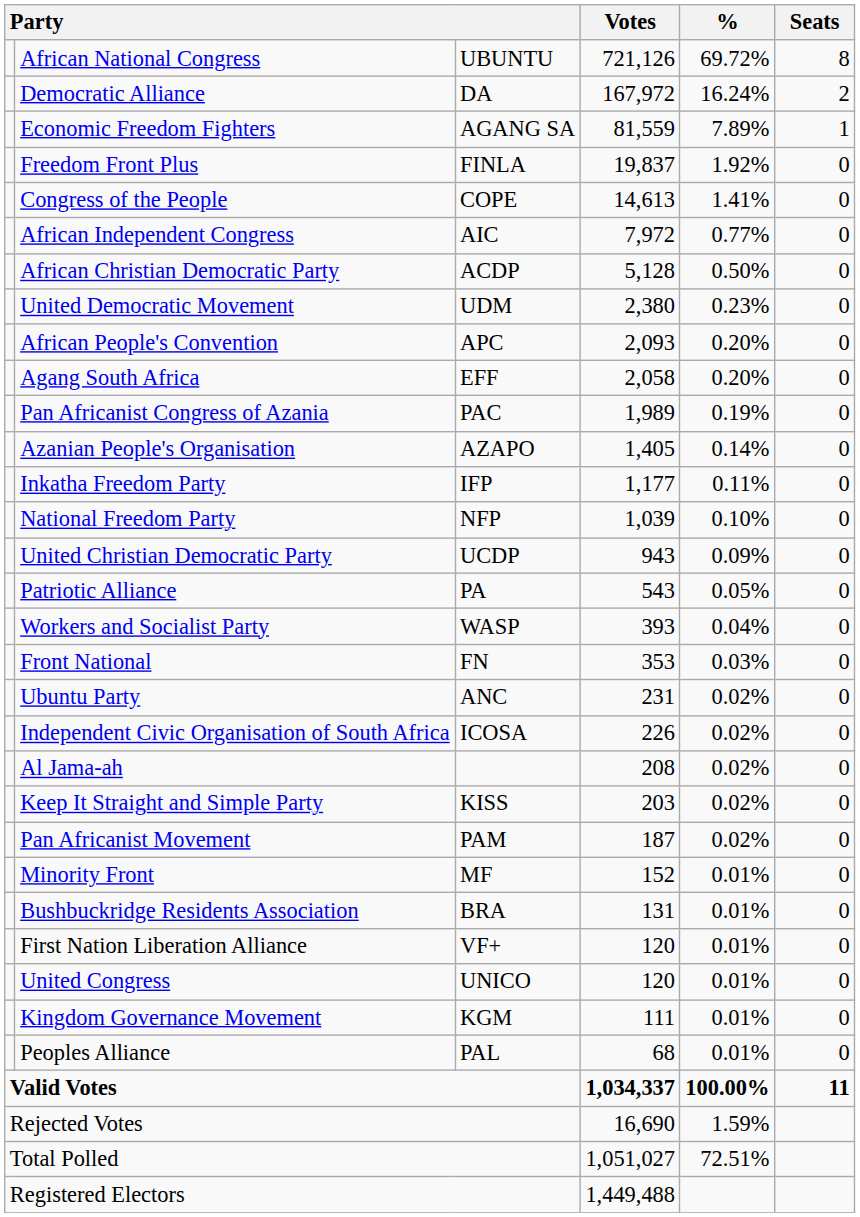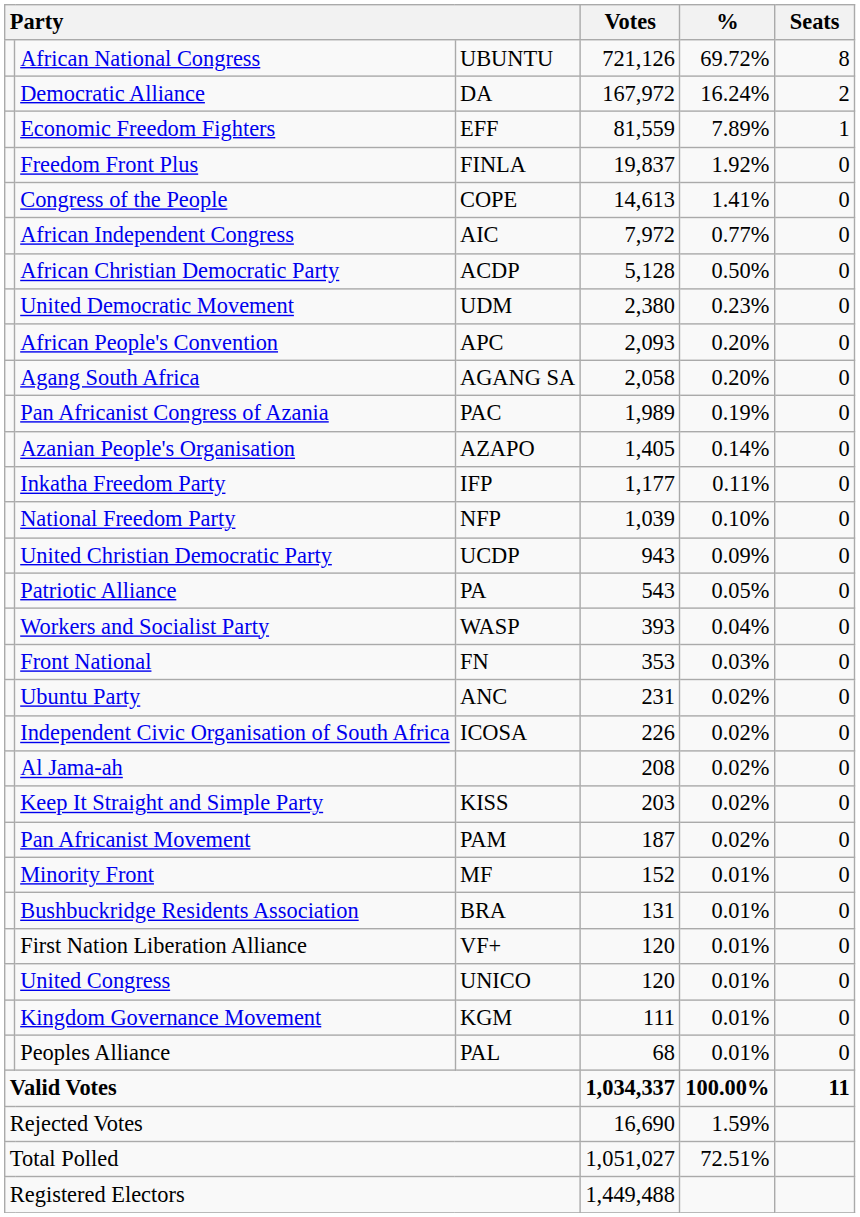 <table class="wikitable" border="1" style="text-align:right;">
 <tr>
 <th style="text-align:left;" colspan=3>Party</th>
 <th align=center width="50">Votes</th>
 <th align=center width="50">%</th>
 <th align=center width="50">Seats</th>
 </tr>
 <tr>
 <td style="background:"></td>
 <td align=left><a href='#'>African National Congress</a></td>
 <td align=left>UBUNTU</td>
 <td>721,126</td>
 <td>69.72%</td>
 <td>8</td>
 </tr>
 <tr>
 <td style="background:"></td>
 <td align=left><a href='#'>Democratic Alliance</a></td>
 <td align=left>DA</td>
 <td>167,972</td>
 <td>16.24%</td>
 <td>2</td>
 </tr>
 <tr>
 <td style="background:"></td>
 <td align=left><a href='#'>Economic Freedom Fighters</a></td>
-<td align=left>AGANG SA</td>
+<td align=left>EFF</td>
 <td>81,559</td>
 <td>7.89%</td>
 <td>1</td>
 </tr>
 <tr>
 <td style="background:"></td>
 <td align=left><a href='#'>Freedom Front Plus</a></td>
 <td align=left>FINLA</td>
 <td>19,837</td>
 <td>1.92%</td>
 <td>0</td>
 </tr>
 <tr>
 <td style="background:"></td>
 <td align=left><a href='#'>Congress of the People</a></td>
 <td align=left>COPE</td>
 <td>14,613</td>
 <td>1.41%</td>
 <td>0</td>
 </tr>
 <tr>
 <td style="background:"></td>
 <td align=left><a href='#'>African Independent Congress</a></td>
 <td align=left>AIC</td>
 <td>7,972</td>
 <td>0.77%</td>
 <td>0</td>
 </tr>
 <tr>
 <td style="background:"></td>
 <td align=left><a href='#'>African Christian Democratic Party</a></td>
 <td align=left>ACDP</td>
 <td>5,128</td>
 <td>0.50%</td>
 <td>0</td>
 </tr>
 <tr>
 <td style="background:"></td>
 <td align=left><a href='#'>United Democratic Movement</a></td>
 <td align=left>UDM</td>
 <td>2,380</td>
 <td>0.23%</td>
 <td>0</td>
 </tr>
 <tr>
 <td style="background:"></td>
 <td align=left><a href='#'>African People's Convention</a></td>
 <td align=left>APC</td>
 <td>2,093</td>
 <td>0.20%</td>
 <td>0</td>
 </tr>
 <tr>
 <td style="background:"></td>
 <td align=left><a href='#'>Agang South Africa</a></td>
-<td align=left>EFF</td>
+<td align=left>AGANG SA</td>
 <td>2,058</td>
 <td>0.20%</td>
 <td>0</td>
 </tr>
 <tr>
 <td style="background:"></td>
 <td align=left><a href='#'>Pan Africanist Congress of Azania</a></td>
 <td align=left>PAC</td>
 <td>1,989</td>
 <td>0.19%</td>
 <td>0</td>
 </tr>
 <tr>
 <td style="background:"></td>
 <td align=left><a href='#'>Azanian People's Organisation</a></td>
 <td align=left>AZAPO</td>
 <td>1,405</td>
 <td>0.14%</td>
 <td>0</td>
 </tr>
 <tr>
 <td style="background:"></td>
 <td align=left><a href='#'>Inkatha Freedom Party</a></td>
 <td align=left>IFP</td>
 <td>1,177</td>
 <td>0.11%</td>
 <td>0</td>
 </tr>
 <tr>
 <td style="background:"></td>
 <td align=left><a href='#'>National Freedom Party</a></td>
 <td align=left>NFP</td>
 <td>1,039</td>
 <td>0.10%</td>
 <td>0</td>
 </tr>
 <tr>
 <td style="background:"></td>
 <td align=left><a href='#'>United Christian Democratic Party</a></td>
 <td align=left>UCDP</td>
 <td>943</td>
 <td>0.09%</td>
 <td>0</td>
 </tr>
 <tr>
 <td style="background:"></td>
 <td align=left><a href='#'>Patriotic Alliance</a></td>
 <td align=left>PA</td>
 <td>543</td>
 <td>0.05%</td>
 <td>0</td>
 </tr>
 <tr>
 <td style="background:"></td>
 <td align=left><a href='#'>Workers and Socialist Party</a></td>
 <td align=left>WASP</td>
 <td>393</td>
 <td>0.04%</td>
 <td>0</td>
 </tr>
 <tr>
 <td style="background:"></td>
 <td align=left><a href='#'>Front National</a></td>
 <td align=left>FN</td>
 <td>353</td>
 <td>0.03%</td>
 <td>0</td>
 </tr>
 <tr>
 <td style="background:"></td>
 <td align=left><a href='#'>Ubuntu Party</a></td>
 <td align=left>ANC</td>
 <td>231</td>
 <td>0.02%</td>
 <td>0</td>
 </tr>
 <tr>
 <td style="background:"></td>
 <td align=left><a href='#'>Independent Civic Organisation of South Africa</a></td>
 <td align=left>ICOSA</td>
 <td>226</td>
 <td>0.02%</td>
 <td>0</td>
 </tr>
 <tr>
 <td style="background:"></td>
 <td align=left><a href='#'>Al Jama-ah</a></td>
 <td align=left></td>
 <td>208</td>
 <td>0.02%</td>
 <td>0</td>
 </tr>
 <tr>
 <td style="background:"></td>
 <td align=left><a href='#'>Keep It Straight and Simple Party</a></td>
 <td align=left>KISS</td>
 <td>203</td>
 <td>0.02%</td>
 <td>0</td>
 </tr>
 <tr>
 <td style="background:"></td>
 <td align=left><a href='#'>Pan Africanist Movement</a></td>
 <td align=left>PAM</td>
 <td>187</td>
 <td>0.02%</td>
 <td>0</td>
 </tr>
 <tr>
 <td style="background:"></td>
 <td align=left><a href='#'>Minority Front</a></td>
 <td align=left>MF</td>
 <td>152</td>
 <td>0.01%</td>
 <td>0</td>
 </tr>
 <tr>
 <td style="background:"></td>
 <td align=left><a href='#'>Bushbuckridge Residents Association</a></td>
 <td align=left>BRA</td>
 <td>131</td>
 <td>0.01%</td>
 <td>0</td>
 </tr>
 <tr>
 <td></td>
 <td align=left>First Nation Liberation Alliance</td>
 <td align=left>VF+</td>
 <td>120</td>
 <td>0.01%</td>
 <td>0</td>
 </tr>
 <tr>
 <td style="background:"></td>
 <td align=left><a href='#'>United Congress</a></td>
 <td align=left>UNICO</td>
 <td>120</td>
 <td>0.01%</td>
 <td>0</td>
 </tr>
 <tr>
 <td></td>
 <td align=left><a href='#'>Kingdom Governance Movement</a></td>
 <td align=left>KGM</td>
 <td>111</td>
 <td>0.01%</td>
 <td>0</td>
 </tr>
 <tr>
 <td></td>
 <td align=left>Peoples Alliance</td>
 <td align=left>PAL</td>
 <td>68</td>
 <td>0.01%</td>
 <td>0</td>
 </tr>
 <tr style="font-weight:bold">
 <td align=left colspan=3>Valid Votes</td>
 <td>1,034,337</td>
 <td>100.00%</td>
 <td>11</td>
 </tr>
 <tr>
 <td align=left colspan=3>Rejected Votes</td>
 <td>16,690</td>
 <td>1.59%</td>
 <td></td>
 </tr>
 <tr>
 <td align=left colspan=3>Total Polled</td>
 <td>1,051,027</td>
 <td>72.51%</td>
 <td></td>
 </tr>
 <tr>
 <td align=left colspan=3>Registered Electors</td>
 <td>1,449,488</td>
 <td></td>
 <td></td>
 </tr>
 </table>
